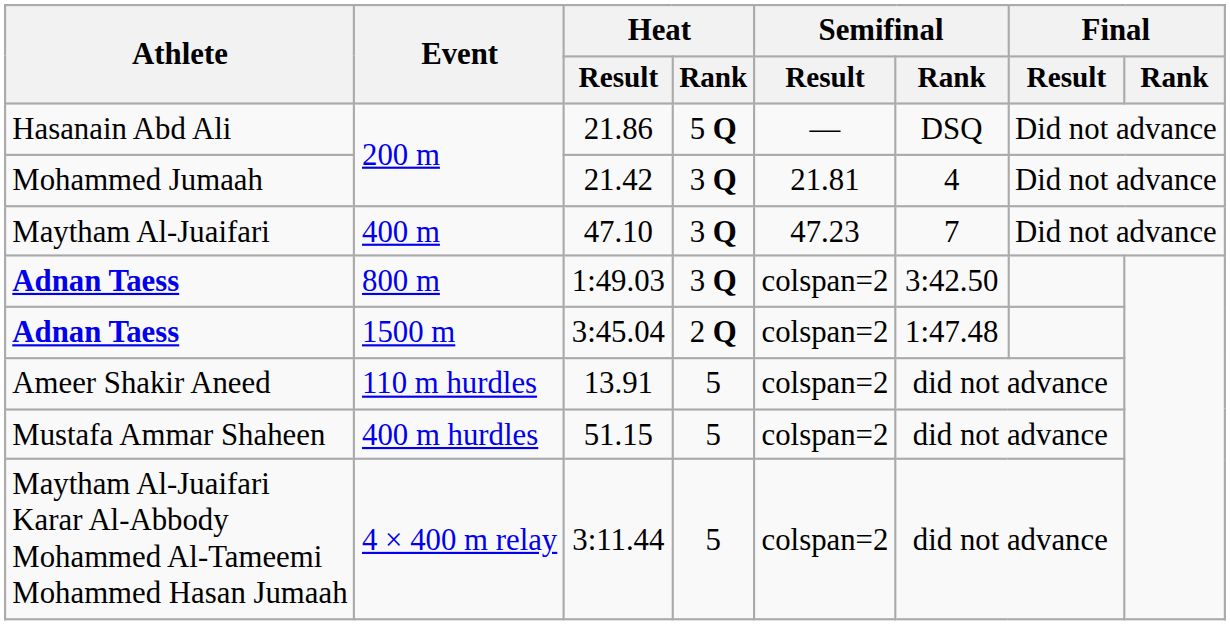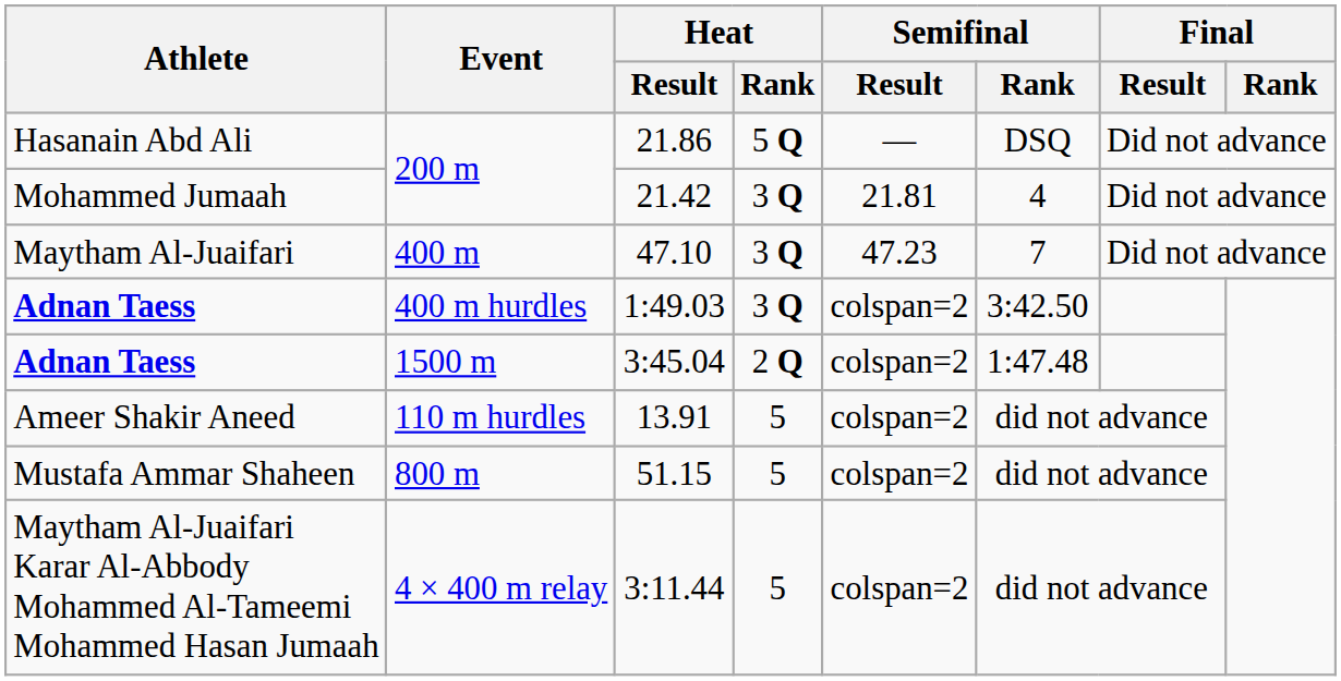 <table class="wikitable" style="font-size:90%">
 <tr>
 <th rowspan="2">Athlete</th>
 <th rowspan="2">Event</th>
 <th colspan="2">Heat</th>
 <th colspan="2">Semifinal</th>
 <th colspan="2">Final</th>
 </tr>
 <tr style="font-size:95%">
 <th>Result</th>
 <th>Rank</th>
 <th>Result</th>
 <th>Rank</th>
 <th>Result</th>
 <th>Rank</th>
 </tr>
 <tr align="center">
 <td align=left>Hasanain Abd Ali</td>
 <td align=left rowspan=2><a href='#'>200 m</a></td>
 <td>21.86</td>
 <td>5 <strong>Q</strong></td>
 <td>—</td>
 <td>DSQ</td>
 <td colspan="2">Did not advance</td>
 </tr>
 <tr align="center">
 <td align=left>Mohammed Jumaah</td>
 <td>21.42</td>
 <td>3 <strong>Q</strong></td>
 <td>21.81</td>
 <td>4</td>
 <td colspan="2">Did not advance</td>
 </tr>
 <tr align="center">
 <td align=left>Maytham Al-Juaifari</td>
 <td align=left><a href='#'>400 m</a></td>
 <td>47.10</td>
 <td>3 <strong>Q</strong></td>
 <td>47.23</td>
 <td>7</td>
 <td colspan="2">Did not advance</td>
 </tr>
 <tr align="center">
 <td align=left><strong><a href='#'>Adnan Taess</a></strong></td>
-<td align=left><a href='#'>800 m</a></td>
+<td align=left><a href='#'>400 m hurdles</a></td>
 <td>1:49.03</td>
 <td>3 <strong>Q</strong></td>
 <td>colspan=2 </td>
 <td>3:42.50</td>
 <td></td>
 </tr>
 <tr align="center">
 <td align=left><strong><a href='#'>Adnan Taess</a></strong></td>
 <td align=left><a href='#'>1500 m</a></td>
 <td>3:45.04</td>
 <td>2 <strong>Q</strong></td>
 <td>colspan=2 </td>
 <td>1:47.48</td>
 <td></td>
 </tr>
 <tr align=center>
 <td align=left>Ameer Shakir Aneed</td>
 <td align=left><a href='#'>110 m hurdles</a></td>
 <td>13.91</td>
 <td>5</td>
 <td>colspan=2 </td>
 <td colspan=2>did not advance</td>
 </tr>
 <tr align=center>
 <td align=left>Mustafa Ammar Shaheen</td>
-<td align=left><a href='#'>400 m hurdles</a></td>
+<td align=left><a href='#'>800 m</a></td>
 <td>51.15</td>
 <td>5</td>
 <td>colspan=2 </td>
 <td colspan=2>did not advance</td>
 </tr>
 <tr align=center>
 <td align=left>Maytham Al-Juaifari<br>Karar Al-Abbody<br>Mohammed Al-Tameemi<br>Mohammed Hasan Jumaah</td>
 <td align=left><a href='#'>4 × 400 m relay</a></td>
 <td>3:11.44</td>
 <td>5</td>
 <td>colspan=2 </td>
 <td colspan=2>did not advance</td>
 </tr>
 </table>
